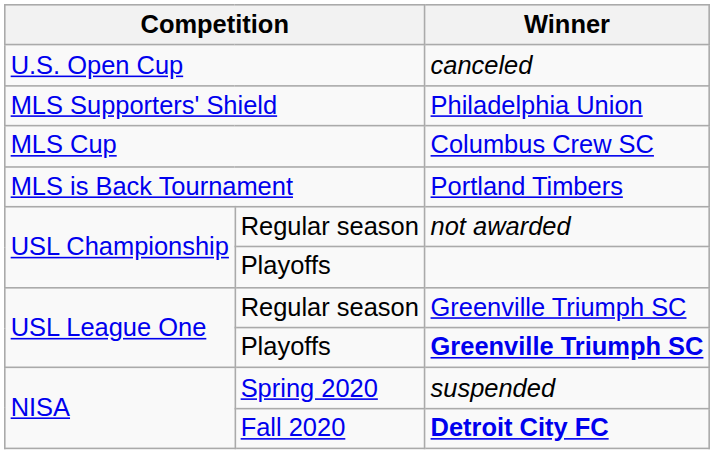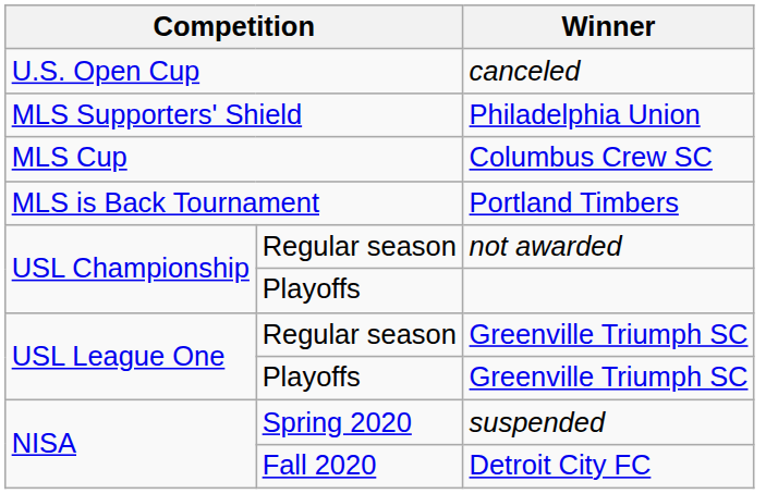 <table class="wikitable">
 <tr>
 <th colspan=2>Competition</th>
 <th>Winner</th>
 </tr>
 <tr>
 <td colspan=2><a href='#'>U.S. Open Cup</a></td>
 <td><em>canceled</em></td>
 </tr>
 <tr>
 <td colspan=2><a href='#'>MLS Supporters' Shield</a></td>
 <td><a href='#'>Philadelphia Union</a></td>
 </tr>
 <tr>
 <td colspan=2><a href='#'>MLS Cup</a></td>
 <td><a href='#'>Columbus Crew SC</a></td>
 </tr>
 <tr>
 <td colspan=2><a href='#'>MLS is Back Tournament</a></td>
 <td><a href='#'>Portland Timbers</a></td>
 </tr>
 <tr>
 <td rowspan=2><a href='#'>USL Championship</a></td>
 <td>Regular season</td>
 <td><em>not awarded</em></td>
 </tr>
 <tr>
 <td>Playoffs</td>
 <td></td>
 </tr>
 <tr>
 <td rowspan=2><a href='#'>USL League One</a></td>
 <td>Regular season</td>
 <td><a href='#'>Greenville Triumph SC</a></td>
 </tr>
 <tr>
 <td>Playoffs</td>
-<td><strong><a href='#'>Greenville Triumph SC</a></strong></td>
+<td><a href='#'>Greenville Triumph SC</a></td>
 </tr>
 <tr>
 <td rowspan=2><a href='#'>NISA</a></td>
 <td><a href='#'>Spring 2020</a></td>
 <td><em>suspended</em></td>
 </tr>
 <tr>
 <td><a href='#'>Fall 2020</a></td>
-<td><strong><a href='#'>Detroit City FC</a></strong></td>
+<td><a href='#'>Detroit City FC</a></td>
 </tr>
 </table>
